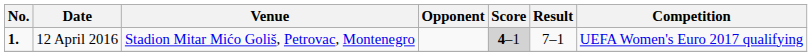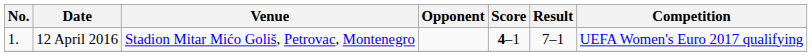 <table class="wikitable">
 <tr>
 <th>No.</th>
 <th>Date</th>
 <th>Venue</th>
 <th>Opponent</th>
 <th>Score</th>
 <th>Result</th>
 <th>Competition</th>
 </tr>
 <tr>
-<td><strong>1.</strong></td>
+<td>1.</td>
 <td>12 April 2016</td>
 <td><a href='#'>Stadion Mitar Mićo Goliš</a>, <a href='#'>Petrovac</a>, <a href='#'>Montenegro</a></td>
 <td></td>
-<td align=center style="background: lightgrey;"><strong>4</strong>–1</td>
+<td align=center><strong>4</strong>–1</td>
 <td align=center>7–1</td>
 <td><a href='#'>UEFA Women's Euro 2017 qualifying</a></td>
 </tr>
 <tr>
 </tr>
 </table>
